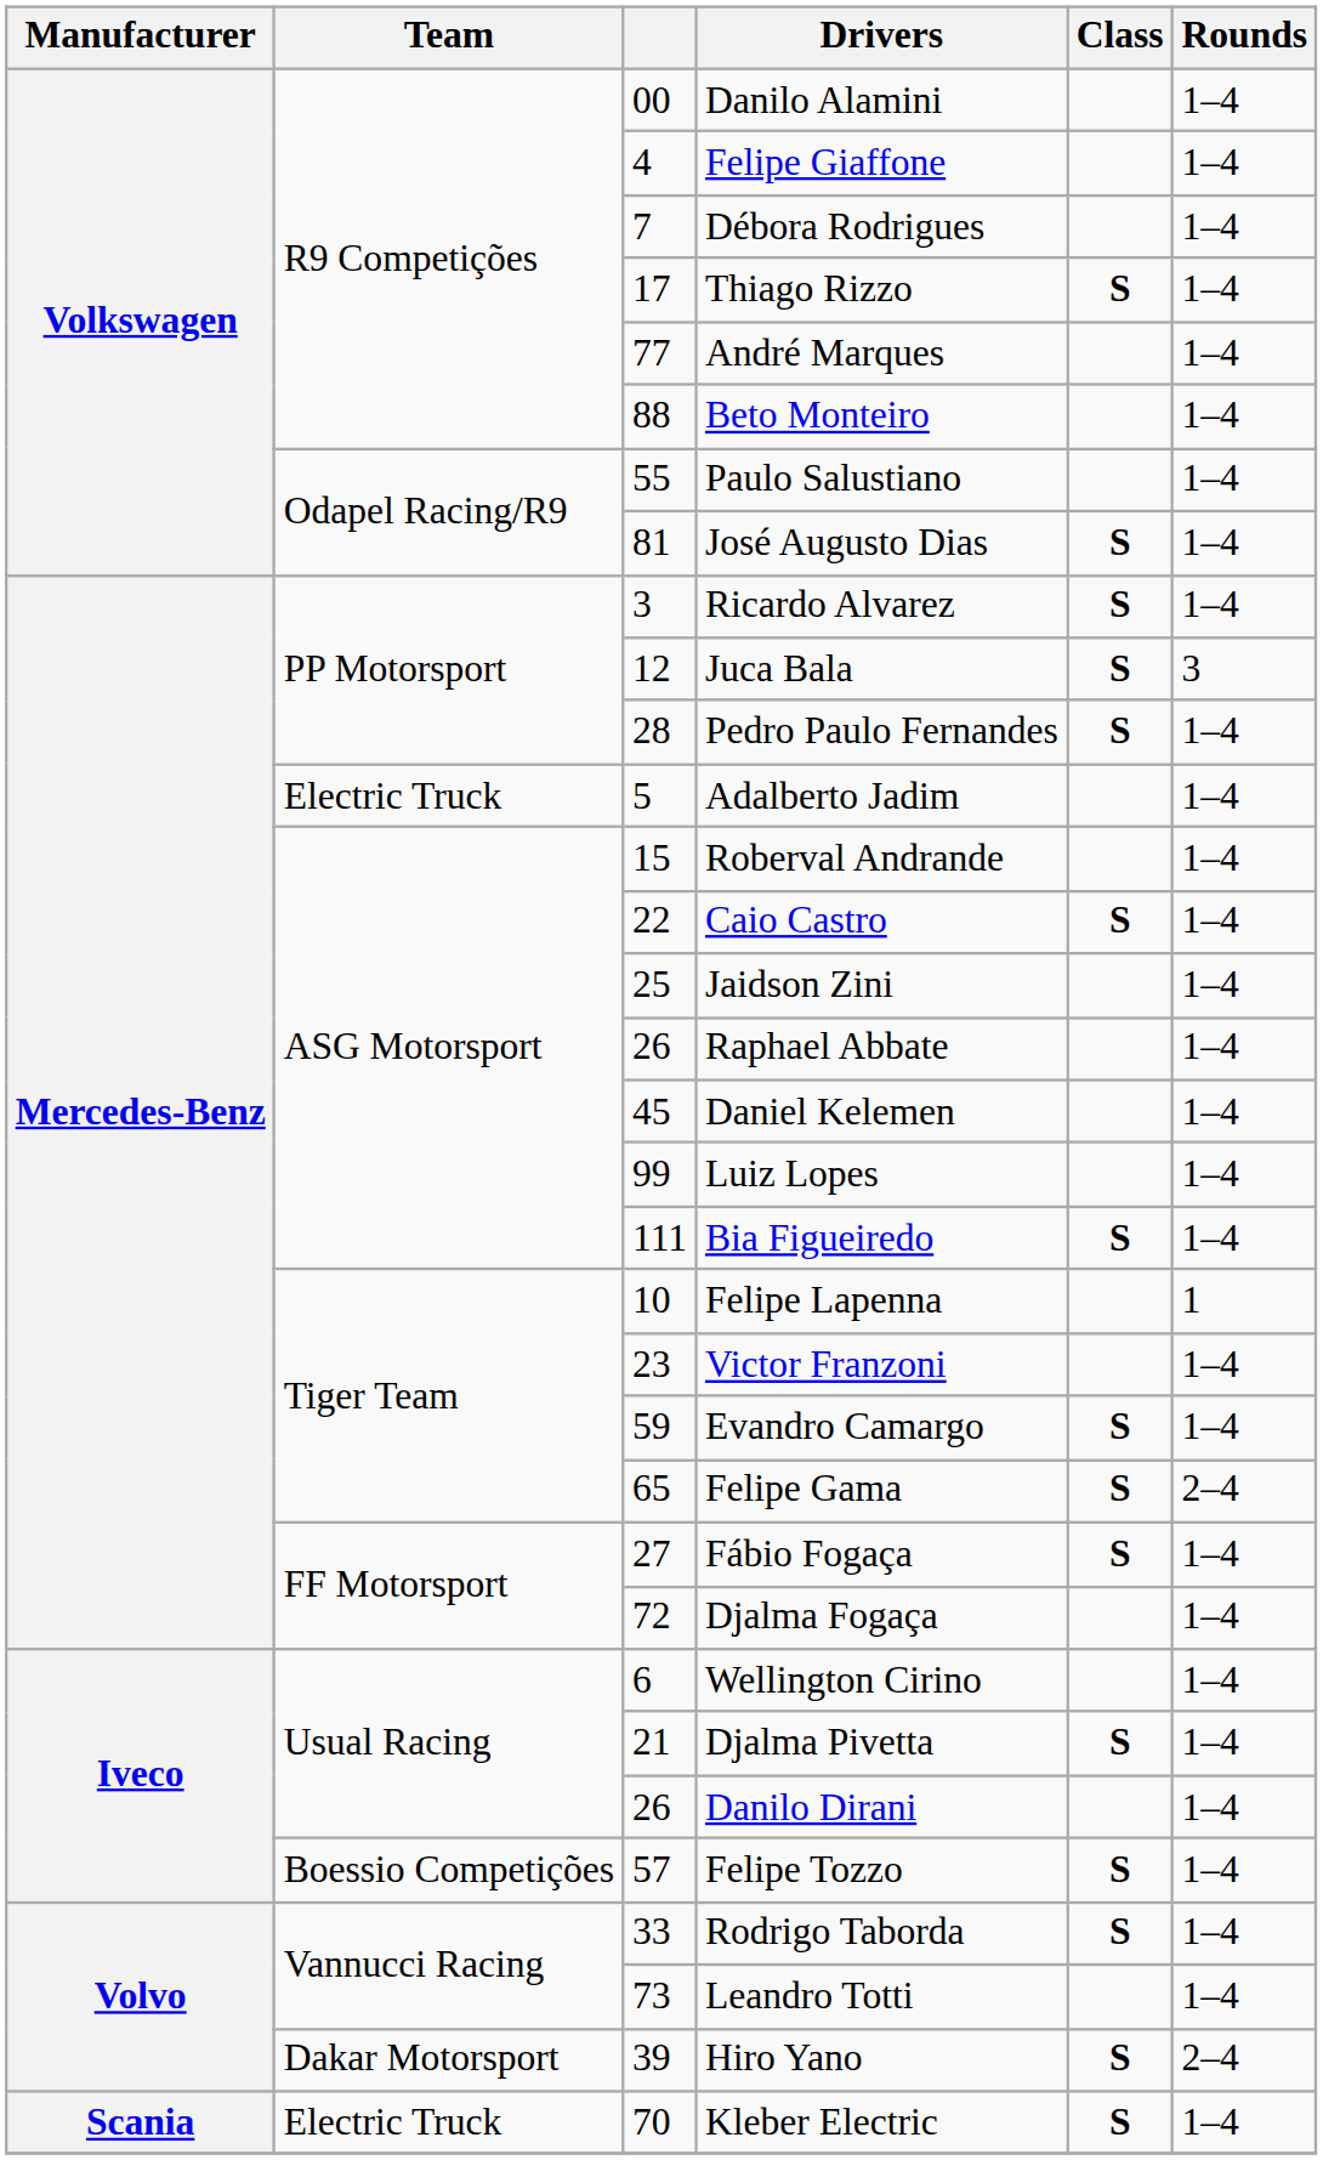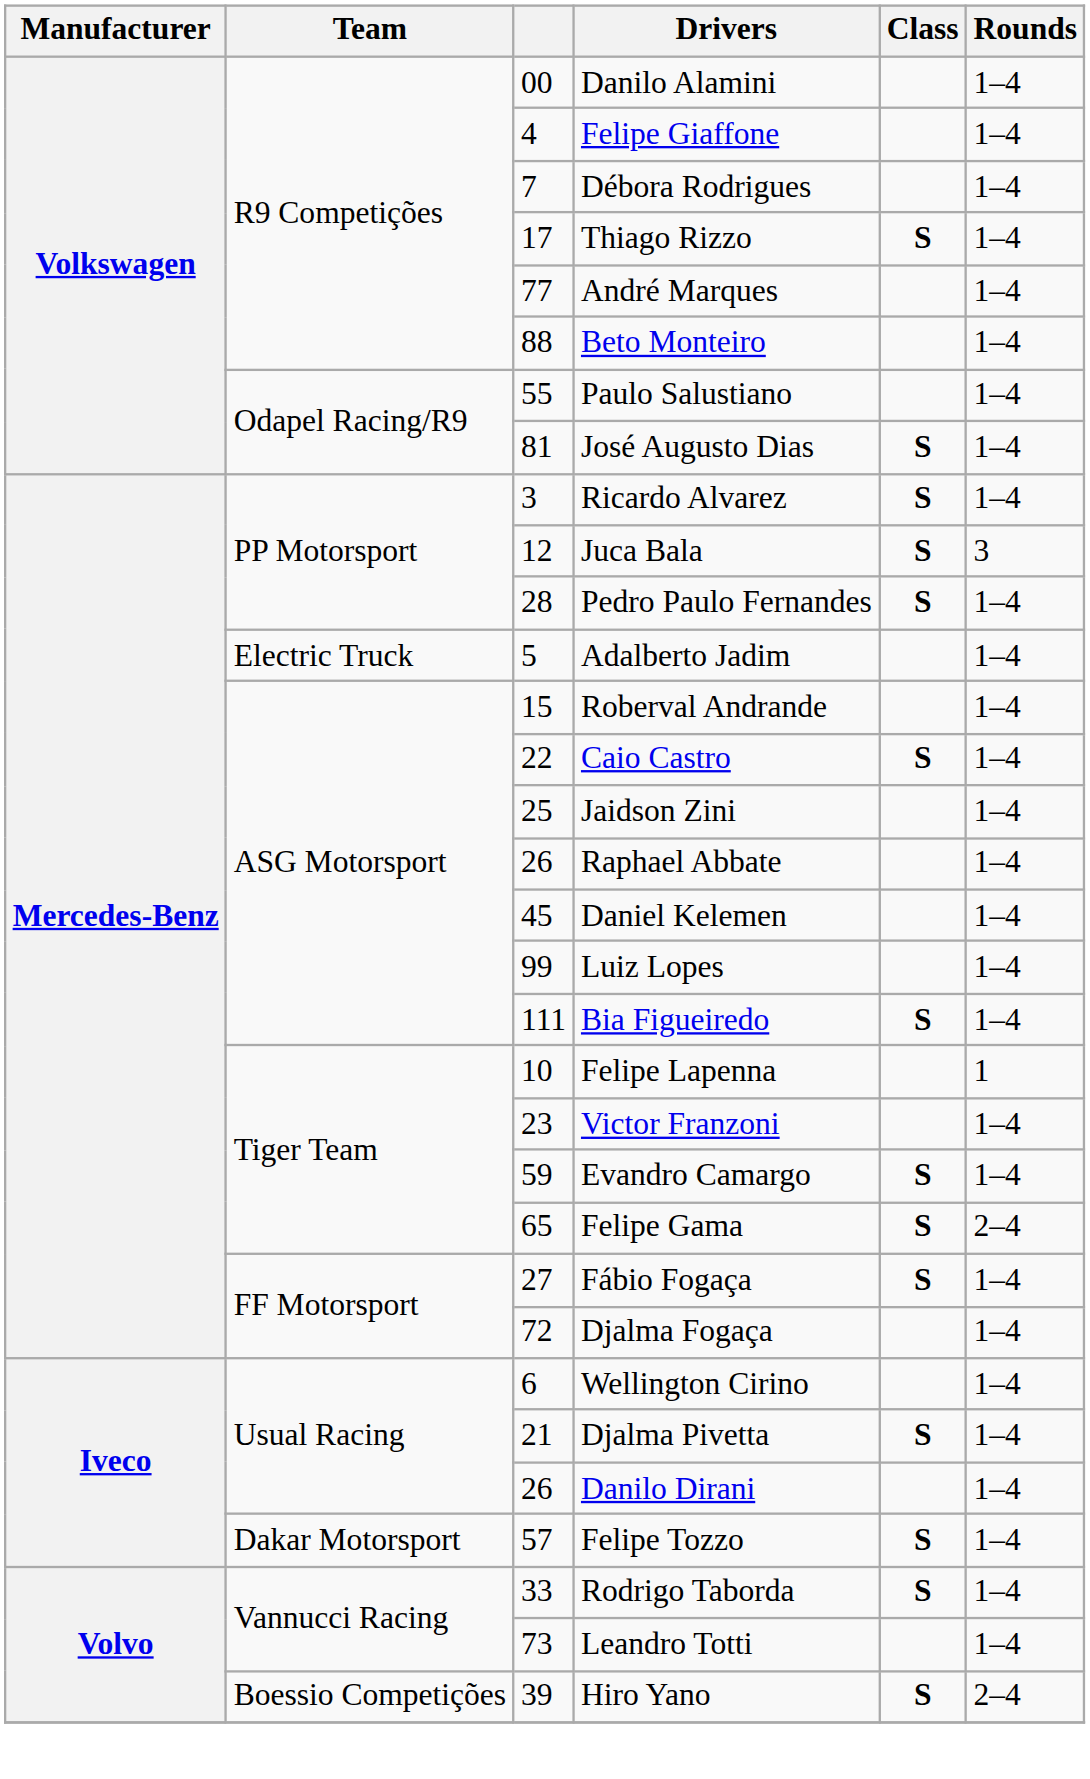 <table class="wikitable" style="font-size:85%; display: inline-table;">
 <tr>
 <th>Manufacturer</th>
 <th>Team</th>
 <th></th>
 <th>Drivers</th>
 <th>Class</th>
 <th>Rounds</th>
 </tr>
 <tr>
 <th rowspan=8><a href='#'>Volkswagen</a></th>
 <td rowspan=6>R9 Competições</td>
 <td>00</td>
 <td>Danilo Alamini</td>
 <td></td>
 <td>1–4</td>
 </tr>
 <tr>
 <td>4</td>
 <td><a href='#'>Felipe Giaffone</a></td>
 <td></td>
 <td>1–4</td>
 </tr>
 <tr>
 <td>7</td>
 <td>Débora Rodrigues</td>
 <td></td>
 <td>1–4</td>
 </tr>
 <tr>
 <td>17</td>
 <td>Thiago Rizzo</td>
 <td align=center><strong><span>S</span></strong></td>
 <td>1–4</td>
 </tr>
 <tr>
 <td>77</td>
 <td>André Marques</td>
 <td></td>
 <td>1–4</td>
 </tr>
 <tr>
 <td>88</td>
 <td><a href='#'>Beto Monteiro</a></td>
 <td></td>
 <td>1–4</td>
 </tr>
 <tr>
 <td rowspan=2>Odapel Racing/R9</td>
 <td>55</td>
 <td>Paulo Salustiano</td>
 <td></td>
 <td>1–4</td>
 </tr>
 <tr>
 <td>81</td>
 <td>José Augusto Dias</td>
 <td align=center><strong><span>S</span></strong></td>
 <td>1–4</td>
 </tr>
 <tr>
 <th rowspan=17><a href='#'>Mercedes-Benz</a></th>
 <td rowspan=3>PP Motorsport</td>
 <td>3</td>
 <td>Ricardo Alvarez</td>
 <td align=center><strong><span>S</span></strong></td>
 <td>1–4</td>
 </tr>
 <tr>
 <td>12</td>
 <td>Juca Bala</td>
 <td align=center><strong><span>S</span></strong></td>
 <td>3</td>
 </tr>
 <tr>
 <td>28</td>
 <td>Pedro Paulo Fernandes</td>
 <td align=center><strong><span>S</span></strong></td>
 <td>1–4</td>
 </tr>
 <tr>
 <td>Electric Truck</td>
 <td>5</td>
 <td>Adalberto Jadim</td>
 <td></td>
 <td>1–4</td>
 </tr>
 <tr>
 <td rowspan=7>ASG Motorsport</td>
 <td>15</td>
 <td>Roberval Andrande</td>
 <td></td>
 <td>1–4</td>
 </tr>
 <tr>
 <td>22</td>
 <td><a href='#'>Caio Castro</a></td>
 <td align=center><strong><span>S</span></strong></td>
 <td>1–4</td>
 </tr>
 <tr>
 <td>25</td>
 <td>Jaidson Zini</td>
 <td></td>
 <td>1–4</td>
 </tr>
 <tr>
 <td>26</td>
 <td>Raphael Abbate</td>
 <td></td>
 <td>1–4</td>
 </tr>
 <tr>
 <td>45</td>
 <td>Daniel Kelemen</td>
 <td></td>
 <td>1–4</td>
 </tr>
 <tr>
 <td>99</td>
 <td>Luiz Lopes</td>
 <td></td>
 <td>1–4</td>
 </tr>
 <tr>
 <td>111</td>
 <td><a href='#'>Bia Figueiredo</a></td>
 <td align=center><strong><span>S</span></strong></td>
 <td>1–4</td>
 </tr>
 <tr>
 <td rowspan=4>Tiger Team</td>
 <td>10</td>
 <td>Felipe Lapenna</td>
 <td></td>
 <td>1</td>
 </tr>
 <tr>
 <td>23</td>
 <td><a href='#'>Victor Franzoni</a></td>
 <td></td>
 <td>1–4</td>
 </tr>
 <tr>
 <td>59</td>
 <td>Evandro Camargo</td>
 <td align=center><strong><span>S</span></strong></td>
 <td>1–4</td>
 </tr>
 <tr>
 <td>65</td>
 <td>Felipe Gama</td>
 <td align=center><strong><span>S</span></strong></td>
 <td>2–4</td>
 </tr>
 <tr>
 <td rowspan=2>FF Motorsport</td>
 <td>27</td>
 <td>Fábio Fogaça</td>
 <td align=center><strong><span>S</span></strong></td>
 <td>1–4</td>
 </tr>
 <tr>
 <td>72</td>
 <td>Djalma Fogaça</td>
 <td></td>
 <td>1–4</td>
 </tr>
 <tr>
 <th rowspan=4><a href='#'>Iveco</a></th>
 <td rowspan=3>Usual Racing</td>
 <td>6</td>
 <td>Wellington Cirino</td>
 <td></td>
 <td>1–4</td>
 </tr>
 <tr>
 <td>21</td>
 <td>Djalma Pivetta</td>
 <td align=center><strong><span>S</span></strong></td>
 <td>1–4</td>
 </tr>
 <tr>
 <td>26</td>
 <td><a href='#'>Danilo Dirani</a></td>
 <td></td>
 <td>1–4</td>
 </tr>
 <tr>
-<td>Boessio Competições</td>
+<td>Dakar Motorsport</td>
 <td>57</td>
 <td>Felipe Tozzo</td>
 <td align=center><strong><span>S</span></strong></td>
 <td>1–4</td>
 </tr>
 <tr>
 <th rowspan=3><a href='#'>Volvo</a></th>
 <td rowspan=2>Vannucci Racing</td>
 <td>33</td>
 <td>Rodrigo Taborda</td>
 <td align=center><strong><span>S</span></strong></td>
 <td>1–4</td>
 </tr>
 <tr>
 <td>73</td>
 <td>Leandro Totti</td>
 <td></td>
 <td>1–4</td>
 </tr>
 <tr>
-<td>Dakar Motorsport</td>
+<td>Boessio Competições</td>
 <td>39</td>
 <td>Hiro Yano</td>
 <td align=center><strong><span>S</span></strong></td>
 <td>2–4</td>
 </tr>
 <tr>
-<th><a href='#'>Scania</a></th>
-<td>Electric Truck</td>
-<td>70</td>
-<td>Kleber Electric</td>
-<td align=center><strong><span>S</span></strong></td>
-<td>1–4</td>
-</tr>
-<tr>
 </tr>
 </table>
